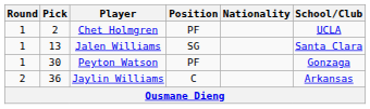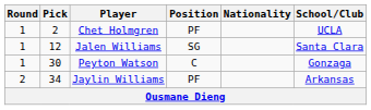 <table class="wikitable sortable sortable">
 <tr>
 <th>Round</th>
 <th>Pick</th>
 <th>Player</th>
 <th>Position</th>
 <th>Nationality</th>
 <th>School/Club</th>
 </tr>
 <tr style="text-align: center">
 <td>1</td>
 <td>2</td>
 <td><a href='#'>Chet Holmgren</a></td>
 <td>PF</td>
 <td></td>
 <td><a href='#'>UCLA</a></td>
 </tr>
 <tr style="text-align: center">
 <td>1</td>
-<td>13</td>
+<td>12</td>
 <td><a href='#'>Jalen Williams</a></td>
 <td>SG</td>
 <td></td>
 <td><a href='#'>Santa Clara</a></td>
 </tr>
 <tr style="text-align: center">
 <td>1</td>
 <td>30</td>
 <td><a href='#'>Peyton Watson</a></td>
-<td>PF</td>
+<td>C</td>
 <td></td>
 <td><a href='#'>Gonzaga</a></td>
 </tr>
 <tr style="text-align: center">
 <td>2</td>
-<td>36</td>
+<td>34</td>
 <td><a href='#'>Jaylin Williams</a></td>
-<td>C</td>
+<td>PF</td>
 <td></td>
 <td><a href='#'>Arkansas</a></td>
 </tr>
 <tr>
 <th scope="row" colspan="6" style="text-align:center;”"><a href='#'>Ousmane Dieng</a> </th>
 </tr>
 </table>
